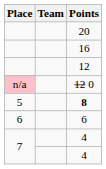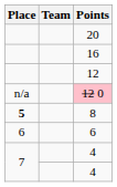 <table class="wikitable" style="text-align:center; padding-bottom:0;">
 <tr>
 <th>Place</th>
 <th style="text-align:left;">Team</th>
 <th>Points</th>
 </tr>
 <tr>
 <td></td>
 <td align=left></td>
 <td>20</td>
 </tr>
 <tr>
 <td></td>
 <td align=left></td>
 <td>16</td>
 </tr>
 <tr>
 <td></td>
 <td align=left></td>
 <td>12</td>
 </tr>
 <tr>
-<td style="background: pink;">n/a</td>
+<td>n/a</td>
 <td align=left> </td>
-<td><s>12</s> 0 </td>
+<td style="background: pink;"><s>12</s> 0 </td>
 </tr>
 <tr>
-<td>5</td>
+<td><strong>5</strong></td>
 <td align=left></td>
-<td><strong>8</strong></td>
+<td>8</td>
 </tr>
 <tr>
 <td>6</td>
 <td align=left></td>
 <td>6</td>
 </tr>
 <tr>
 <td rowspan=2>7</td>
 <td align=left></td>
 <td>4</td>
 </tr>
 <tr>
 <td align=left></td>
 <td>4</td>
 </tr>
 </table>
